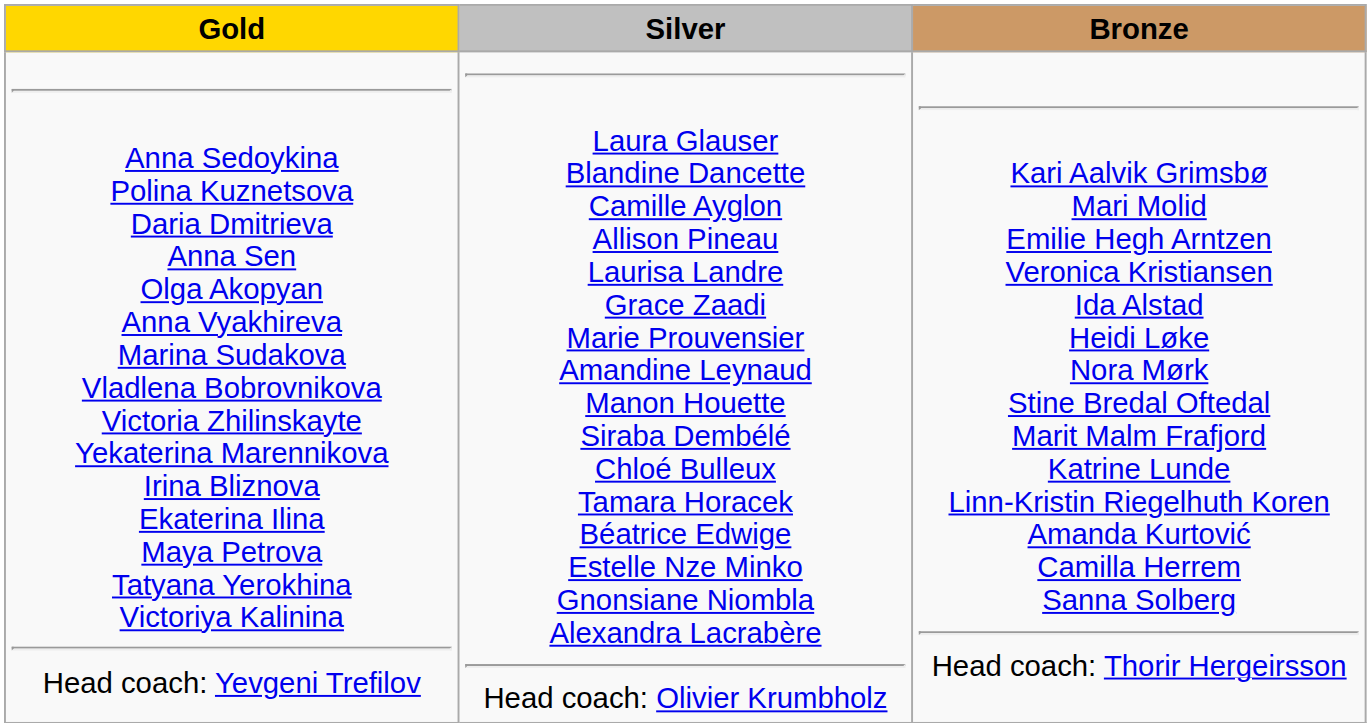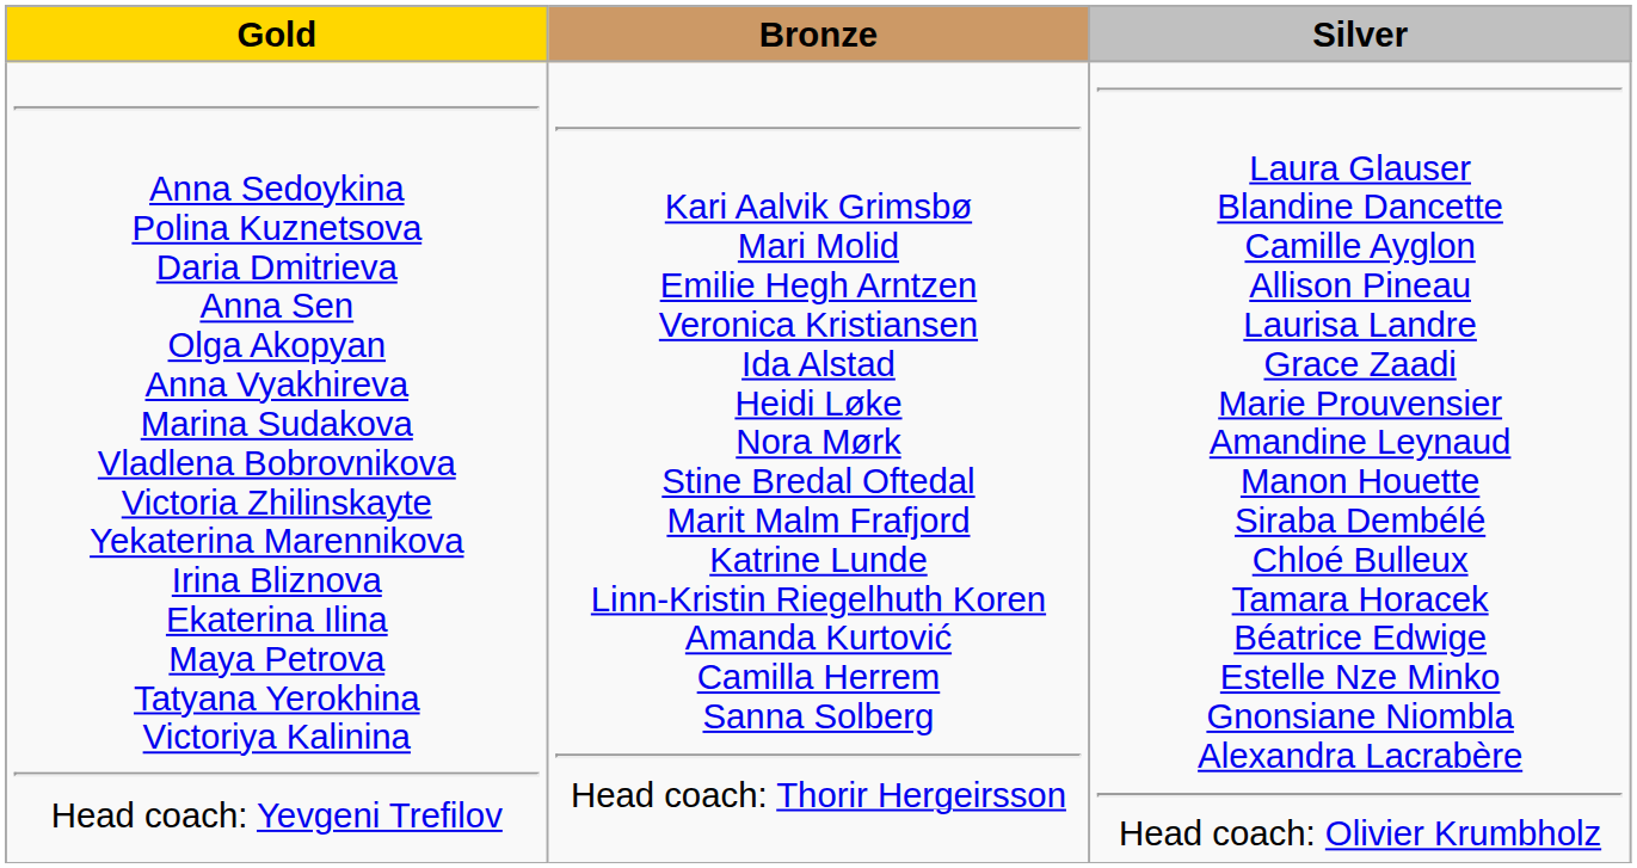 <table class="wikitable" style="text-align: center; font-size: 95%;">
 <tr>
 <th style="width: 15em; background: gold">Gold</th>
+<th style="width: 15em; background: #CC9966">Bronze</th>
 <th style="width: 15em; background: silver">Silver</th>
-<th style="width: 15em; background: #CC9966">Bronze</th>
 </tr>
 <tr>
 <td><hr><br><a href='#'>Anna Sedoykina</a><br><a href='#'>Polina Kuznetsova</a><br><a href='#'>Daria Dmitrieva</a><br><a href='#'>Anna Sen</a><br><a href='#'>Olga Akopyan</a><br><a href='#'>Anna Vyakhireva</a><br><a href='#'>Marina Sudakova</a><br><a href='#'>Vladlena Bobrovnikova</a><br><a href='#'>Victoria Zhilinskayte</a><br><a href='#'>Yekaterina Marennikova</a><br><a href='#'>Irina Bliznova</a><br><a href='#'>Ekaterina Ilina</a><br><a href='#'>Maya Petrova</a><br><a href='#'>Tatyana Yerokhina</a><br><a href='#'>Victoriya Kalinina</a><br><hr>Head coach: <a href='#'>Yevgeni Trefilov</a></td>
+<td><hr><br><a href='#'>Kari Aalvik Grimsbø</a><br><a href='#'>Mari Molid</a><br><a href='#'>Emilie Hegh Arntzen</a><br><a href='#'>Veronica Kristiansen</a><br><a href='#'>Ida Alstad</a><br><a href='#'>Heidi Løke</a><br><a href='#'>Nora Mørk</a><br><a href='#'>Stine Bredal Oftedal</a><br><a href='#'>Marit Malm Frafjord</a><br><a href='#'>Katrine Lunde</a><br><a href='#'>Linn-Kristin Riegelhuth Koren</a><br><a href='#'>Amanda Kurtović</a><br><a href='#'>Camilla Herrem</a><br><a href='#'>Sanna Solberg</a><br><hr>Head coach: <a href='#'>Thorir Hergeirsson</a></td>
 <td><hr><br><a href='#'>Laura Glauser</a><br><a href='#'>Blandine Dancette</a><br><a href='#'>Camille Ayglon</a><br><a href='#'>Allison Pineau</a><br><a href='#'>Laurisa Landre</a><br><a href='#'>Grace Zaadi</a><br><a href='#'>Marie Prouvensier</a><br><a href='#'>Amandine Leynaud</a><br><a href='#'>Manon Houette</a><br><a href='#'>Siraba Dembélé</a><br><a href='#'>Chloé Bulleux</a><br><a href='#'>Tamara Horacek</a><br><a href='#'>Béatrice Edwige</a><br><a href='#'>Estelle Nze Minko</a><br><a href='#'>Gnonsiane Niombla</a><br><a href='#'>Alexandra Lacrabère</a><br><hr>Head coach: <a href='#'>Olivier Krumbholz</a></td>
-<td><hr><br><a href='#'>Kari Aalvik Grimsbø</a><br><a href='#'>Mari Molid</a><br><a href='#'>Emilie Hegh Arntzen</a><br><a href='#'>Veronica Kristiansen</a><br><a href='#'>Ida Alstad</a><br><a href='#'>Heidi Løke</a><br><a href='#'>Nora Mørk</a><br><a href='#'>Stine Bredal Oftedal</a><br><a href='#'>Marit Malm Frafjord</a><br><a href='#'>Katrine Lunde</a><br><a href='#'>Linn-Kristin Riegelhuth Koren</a><br><a href='#'>Amanda Kurtović</a><br><a href='#'>Camilla Herrem</a><br><a href='#'>Sanna Solberg</a><br><hr>Head coach: <a href='#'>Thorir Hergeirsson</a></td>
 </tr>
 </table>
